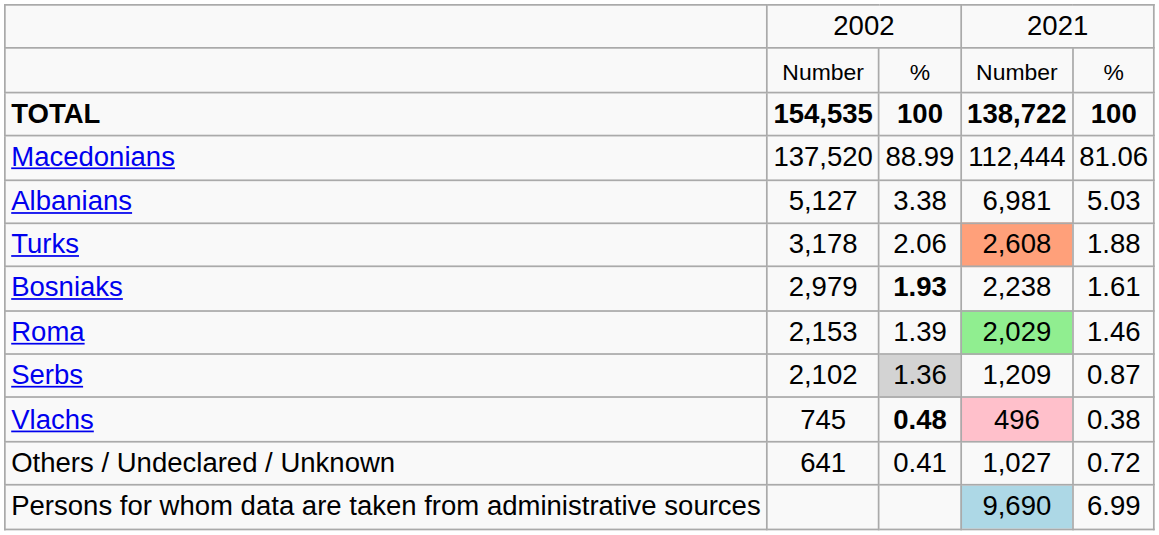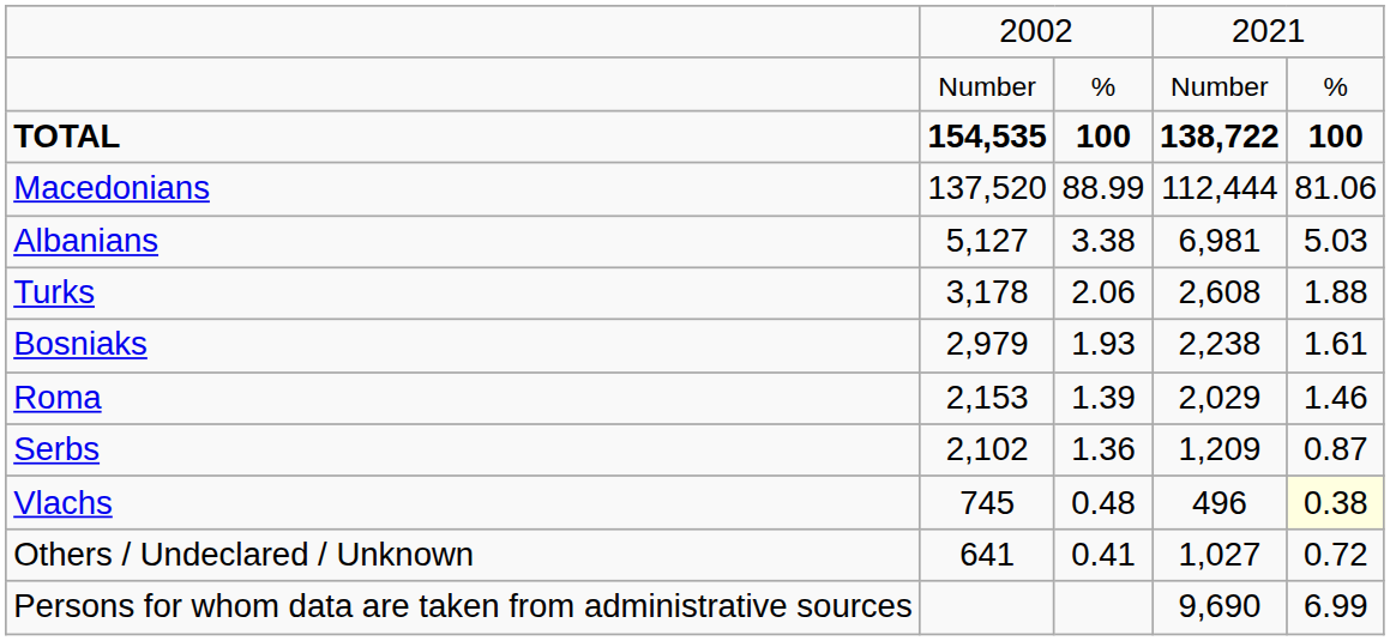 <table class="wikitable">
 <tr>
 <td></td>
 <td colspan="2" align="center">2002</td>
 <td colspan="2" align="center">2021</td>
 </tr>
 <tr>
 <td></td>
 <td align="center"><small>Number</small></td>
 <td align="center"><small>%</small></td>
 <td align="center"><small>Number</small></td>
 <td align="center"><small>%</small></td>
 </tr>
 <tr>
 <td><strong>TOTAL</strong></td>
 <td align="center"><strong>154,535</strong></td>
 <td align="center"><strong>100</strong></td>
 <td align="center"><strong>138,722</strong></td>
 <td align="center"><strong>100</strong></td>
 </tr>
 <tr>
 <td><a href='#'>Macedonians</a></td>
 <td align="center">137,520</td>
 <td align="center">88.99</td>
 <td align="center">112,444</td>
 <td align="center">81.06</td>
 </tr>
 <tr>
 <td><a href='#'>Albanians</a></td>
 <td align="center">5,127</td>
 <td align="center">3.38</td>
 <td align="center">6,981</td>
 <td align="center">5.03</td>
 </tr>
 <tr>
 <td><a href='#'>Turks</a></td>
 <td align="center">3,178</td>
 <td align="center">2.06</td>
-<td align="center" style="background: lightsalmon;">2,608</td>
+<td align="center">2,608</td>
 <td align="center">1.88</td>
 </tr>
 <tr>
 <td><a href='#'>Bosniaks</a></td>
 <td align="center">2,979</td>
-<td align="center"><strong>1.93</strong></td>
+<td align="center">1.93</td>
 <td align="center">2,238</td>
 <td align="center">1.61</td>
 </tr>
 <tr>
 <td><a href='#'>Roma</a></td>
 <td align="center">2,153</td>
 <td align="center">1.39</td>
-<td align="center" style="background: lightgreen;">2,029</td>
+<td align="center">2,029</td>
 <td align="center">1.46</td>
 </tr>
 <tr>
 <td><a href='#'>Serbs</a></td>
 <td align="center">2,102</td>
-<td align="center" style="background: lightgrey;">1.36</td>
+<td align="center">1.36</td>
 <td align="center">1,209</td>
 <td align="center">0.87</td>
 </tr>
 <tr>
 <td><a href='#'>Vlachs</a></td>
 <td align="center">745</td>
-<td align="center"><strong>0.48</strong></td>
-<td align="center" style="background: pink;">496</td>
-<td align="center">0.38</td>
+<td align="center">0.48</td>
+<td align="center">496</td>
+<td align="center" style="background: lightyellow;">0.38</td>
 </tr>
 <tr>
 <td>Others / Undeclared / Unknown</td>
 <td align="center">641</td>
 <td align="center">0.41</td>
 <td align="center">1,027</td>
 <td align="center">0.72</td>
 </tr>
 <tr>
 <td>Persons for whom data are taken from administrative sources</td>
 <td></td>
 <td></td>
-<td align="center" style="background: lightblue;">9,690</td>
+<td align="center">9,690</td>
 <td align="center">6.99</td>
 </tr>
 </table>
